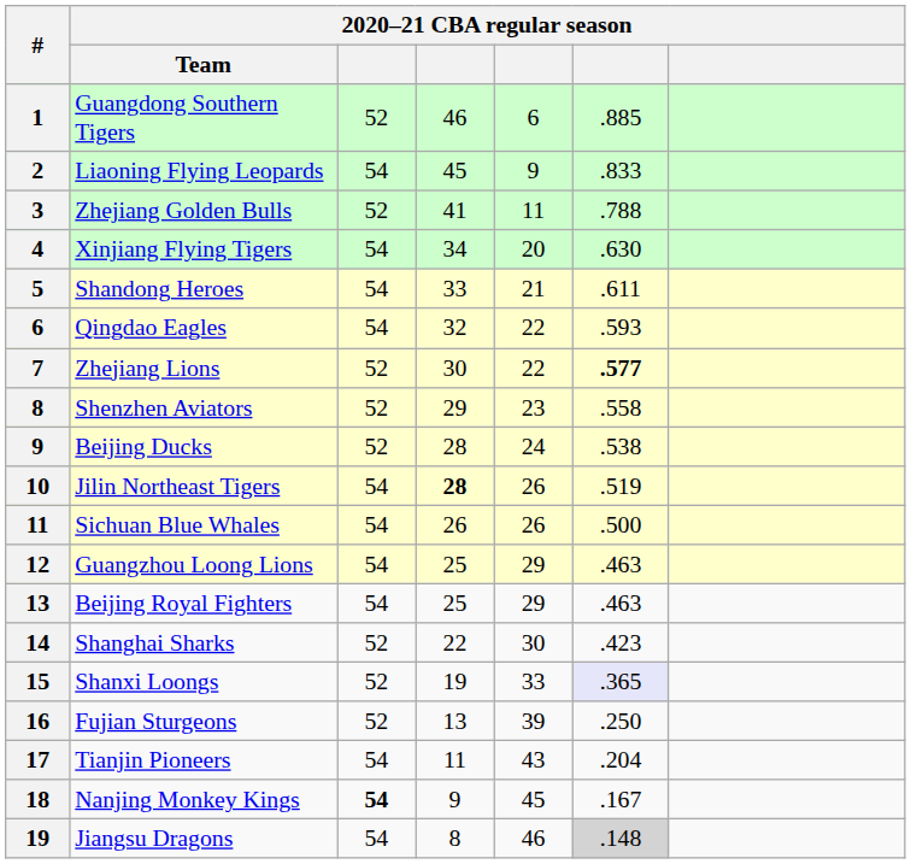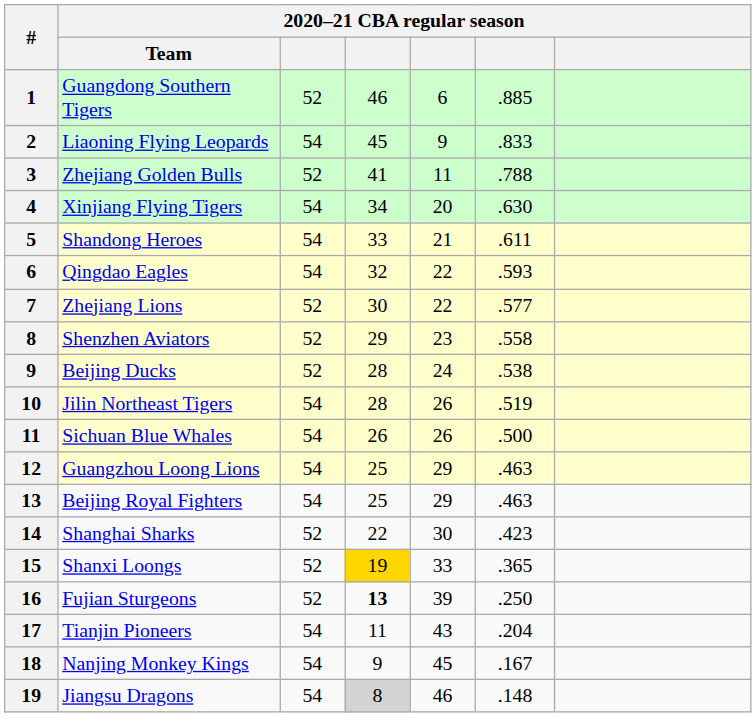 <table class="wikitable"  style="width:65%; font-size:95%;">
 <tr>
 <th style="width:2%;" rowspan="2">#</th>
 <th colspan="6" style="text-align:center;">2020–21 CBA regular season</th>
 </tr>
 <tr style="text-align:center;">
 <th style="width:10%;">Team</th>
 <th style="width:3%;"></th>
 <th style="width:3%;"></th>
 <th style="width:3%;"></th>
 <th style="width:3%;"></th>
 <th style="width:10%;"></th>
 </tr>
 <tr style="text-align:center; background:#cfc;">
 <th>1</th>
 <td style="text-align:left;"><a href='#'>Guangdong Southern Tigers</a></td>
 <td>52</td>
 <td>46</td>
 <td>6</td>
 <td>.885</td>
 <td></td>
 </tr>
 <tr style="text-align:center; background:#cfc;">
 <th>2</th>
 <td style="text-align:left;"><a href='#'>Liaoning Flying Leopards</a></td>
 <td>54</td>
 <td>45</td>
 <td>9</td>
 <td>.833</td>
 <td></td>
 </tr>
 <tr style="text-align:center; background:#cfc;">
 <th>3</th>
 <td style="text-align:left;"><a href='#'>Zhejiang Golden Bulls</a></td>
 <td>52</td>
 <td>41</td>
 <td>11</td>
 <td>.788</td>
 <td></td>
 </tr>
 <tr style="text-align:center; background:#cfc;">
 <th>4</th>
 <td style="text-align:left;"><a href='#'>Xinjiang Flying Tigers</a></td>
 <td>54</td>
 <td>34</td>
 <td>20</td>
 <td>.630</td>
 <td></td>
 </tr>
 <tr style="text-align:center; background:#ffc;">
 <th>5</th>
 <td style="text-align:left;"><a href='#'>Shandong Heroes</a></td>
 <td>54</td>
 <td>33</td>
 <td>21</td>
 <td>.611</td>
 <td></td>
 </tr>
 <tr style="text-align:center; background:#ffc;">
 <th>6</th>
 <td style="text-align:left;"><a href='#'>Qingdao Eagles</a></td>
 <td>54</td>
 <td>32</td>
 <td>22</td>
 <td>.593</td>
 <td></td>
 </tr>
 <tr style="text-align:center; background:#ffc;">
 <th>7</th>
 <td style="text-align:left;"><a href='#'>Zhejiang Lions</a></td>
 <td>52</td>
 <td>30</td>
 <td>22</td>
-<td><strong>.577</strong></td>
+<td>.577</td>
 <td></td>
 </tr>
 <tr style="text-align:center; background:#ffc;">
 <th>8</th>
 <td style="text-align:left;"><a href='#'>Shenzhen Aviators</a></td>
 <td>52</td>
 <td>29</td>
 <td>23</td>
 <td>.558</td>
 <td></td>
 </tr>
 <tr style="text-align:center; background:#ffc;">
 <th>9</th>
 <td style="text-align:left;"><a href='#'>Beijing Ducks</a></td>
 <td>52</td>
 <td>28</td>
 <td>24</td>
 <td>.538</td>
 <td></td>
 </tr>
 <tr style="text-align:center; background:#ffc;">
 <th>10</th>
 <td style="text-align:left;"><a href='#'>Jilin Northeast Tigers</a></td>
 <td>54</td>
-<td><strong>28</strong></td>
+<td>28</td>
 <td>26</td>
 <td>.519</td>
 <td></td>
 </tr>
 <tr style="text-align:center; background:#ffc;">
 <th>11</th>
 <td style="text-align:left;"><a href='#'>Sichuan Blue Whales</a></td>
 <td>54</td>
 <td>26</td>
 <td>26</td>
 <td>.500</td>
 <td></td>
 </tr>
 <tr style="text-align:center; background:#ffc;">
 <th>12</th>
 <td style="text-align:left;"><a href='#'>Guangzhou Loong Lions</a></td>
 <td>54</td>
 <td>25</td>
 <td>29</td>
 <td>.463</td>
 <td></td>
 </tr>
 <tr style="text-align:center;">
 <th>13</th>
 <td style="text-align:left;"><a href='#'>Beijing Royal Fighters</a></td>
 <td>54</td>
 <td>25</td>
 <td>29</td>
 <td>.463</td>
 <td></td>
 </tr>
 <tr style="text-align:center;">
 <th>14</th>
 <td style="text-align:left;"><a href='#'>Shanghai Sharks</a></td>
 <td>52</td>
 <td>22</td>
 <td>30</td>
 <td>.423</td>
 <td></td>
 </tr>
 <tr style="text-align:center;">
 <th>15</th>
 <td style="text-align:left;"><a href='#'>Shanxi Loongs</a></td>
 <td>52</td>
-<td>19</td>
+<td style="background: gold;">19</td>
 <td>33</td>
-<td style="background: lavender;">.365</td>
+<td>.365</td>
 <td></td>
 </tr>
 <tr style="text-align:center;">
 <th>16</th>
 <td style="text-align:left;"><a href='#'>Fujian Sturgeons</a></td>
 <td>52</td>
-<td>13</td>
+<td><strong>13</strong></td>
 <td>39</td>
 <td>.250</td>
 <td></td>
 </tr>
 <tr style="text-align:center;">
 <th>17</th>
 <td style="text-align:left;"><a href='#'>Tianjin Pioneers</a></td>
 <td>54</td>
 <td>11</td>
 <td>43</td>
 <td>.204</td>
 <td></td>
 </tr>
 <tr style="text-align:center;">
 <th>18</th>
 <td style="text-align:left;"><a href='#'>Nanjing Monkey Kings</a></td>
-<td><strong>54</strong></td>
+<td>54</td>
 <td>9</td>
 <td>45</td>
 <td>.167</td>
 <td></td>
 </tr>
 <tr style="text-align:center;">
 <th>19</th>
 <td style="text-align:left;"><a href='#'>Jiangsu Dragons</a></td>
 <td>54</td>
-<td>8</td>
+<td style="background: lightgrey;">8</td>
 <td>46</td>
-<td style="background: lightgrey;">.148</td>
+<td>.148</td>
 <td></td>
 </tr>
 </table>
